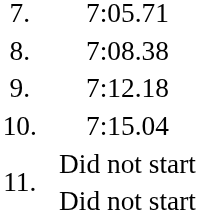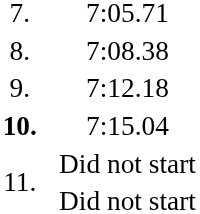 <table style="text-align:center">
 <tr>
 <td width=30>7.</td>
 <td align=left></td>
 <td width=80>7:05.71</td>
 </tr>
 <tr>
 <td>8.</td>
 <td align=left></td>
 <td>7:08.38</td>
 </tr>
 <tr>
 <td>9.</td>
 <td align=left></td>
 <td>7:12.18</td>
 </tr>
 <tr>
-<td>10.</td>
+<td><strong>10.</strong></td>
 <td align=left></td>
 <td>7:15.04</td>
 </tr>
 <tr>
 <td rowspan=2>11.</td>
 <td align=left></td>
 <td>Did not start</td>
 </tr>
 <tr>
 <td align=left></td>
 <td>Did not start</td>
 </tr>
 </table>
